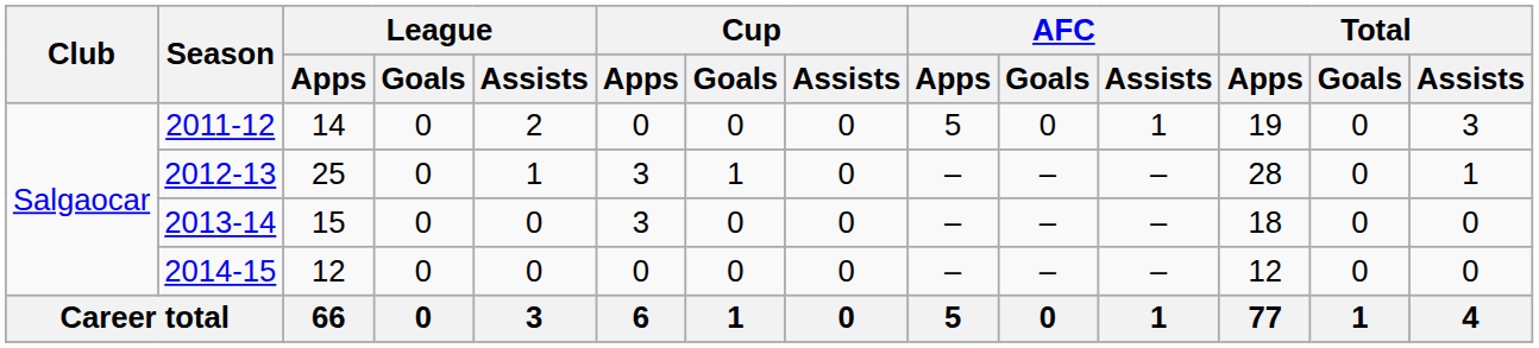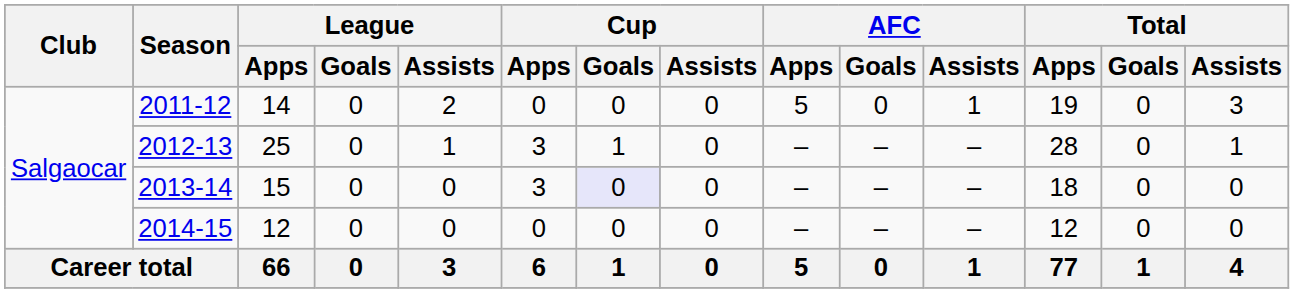 <table class="wikitable" style="font-size:90%; text-align:center;">
 <tr>
 <th rowspan="2">Club</th>
 <th rowspan="2">Season</th>
 <th colspan="3">League</th>
 <th colspan="3">Cup</th>
 <th colspan="3"><a href='#'>AFC</a></th>
 <th colspan="3">Total</th>
 </tr>
 <tr>
 <th>Apps</th>
 <th>Goals</th>
 <th>Assists</th>
 <th>Apps</th>
 <th>Goals</th>
 <th>Assists</th>
 <th>Apps</th>
 <th>Goals</th>
 <th>Assists</th>
 <th>Apps</th>
 <th>Goals</th>
 <th>Assists</th>
 </tr>
 <tr>
 <td rowspan="4"><a href='#'>Salgaocar</a></td>
 <td><a href='#'>2011-12</a></td>
 <td>14</td>
 <td>0</td>
 <td>2</td>
 <td>0</td>
 <td>0</td>
 <td>0</td>
 <td>5</td>
 <td>0</td>
 <td>1</td>
 <td>19</td>
 <td>0</td>
 <td>3</td>
 </tr>
 <tr>
 <td><a href='#'>2012-13</a></td>
 <td>25</td>
 <td>0</td>
 <td>1</td>
 <td>3</td>
 <td>1</td>
 <td>0</td>
 <td>–</td>
 <td>–</td>
 <td>–</td>
 <td>28</td>
 <td>0</td>
 <td>1</td>
 </tr>
 <tr>
 <td><a href='#'>2013-14</a></td>
 <td>15</td>
 <td>0</td>
 <td>0</td>
 <td>3</td>
-<td>0</td>
+<td style="background: lavender;">0</td>
 <td>0</td>
 <td>–</td>
 <td>–</td>
 <td>–</td>
 <td>18</td>
 <td>0</td>
 <td>0</td>
 </tr>
 <tr>
 <td><a href='#'>2014-15</a></td>
 <td>12</td>
 <td>0</td>
 <td>0</td>
 <td>0</td>
 <td>0</td>
 <td>0</td>
 <td>–</td>
 <td>–</td>
 <td>–</td>
 <td>12</td>
 <td>0</td>
 <td>0</td>
 </tr>
 <tr>
 <th colspan="2">Career total</th>
 <th>66</th>
 <th>0</th>
 <th>3</th>
 <th>6</th>
 <th>1</th>
 <th>0</th>
 <th>5</th>
 <th>0</th>
 <th>1</th>
 <th>77</th>
 <th>1</th>
 <th>4</th>
 </tr>
 </table>
